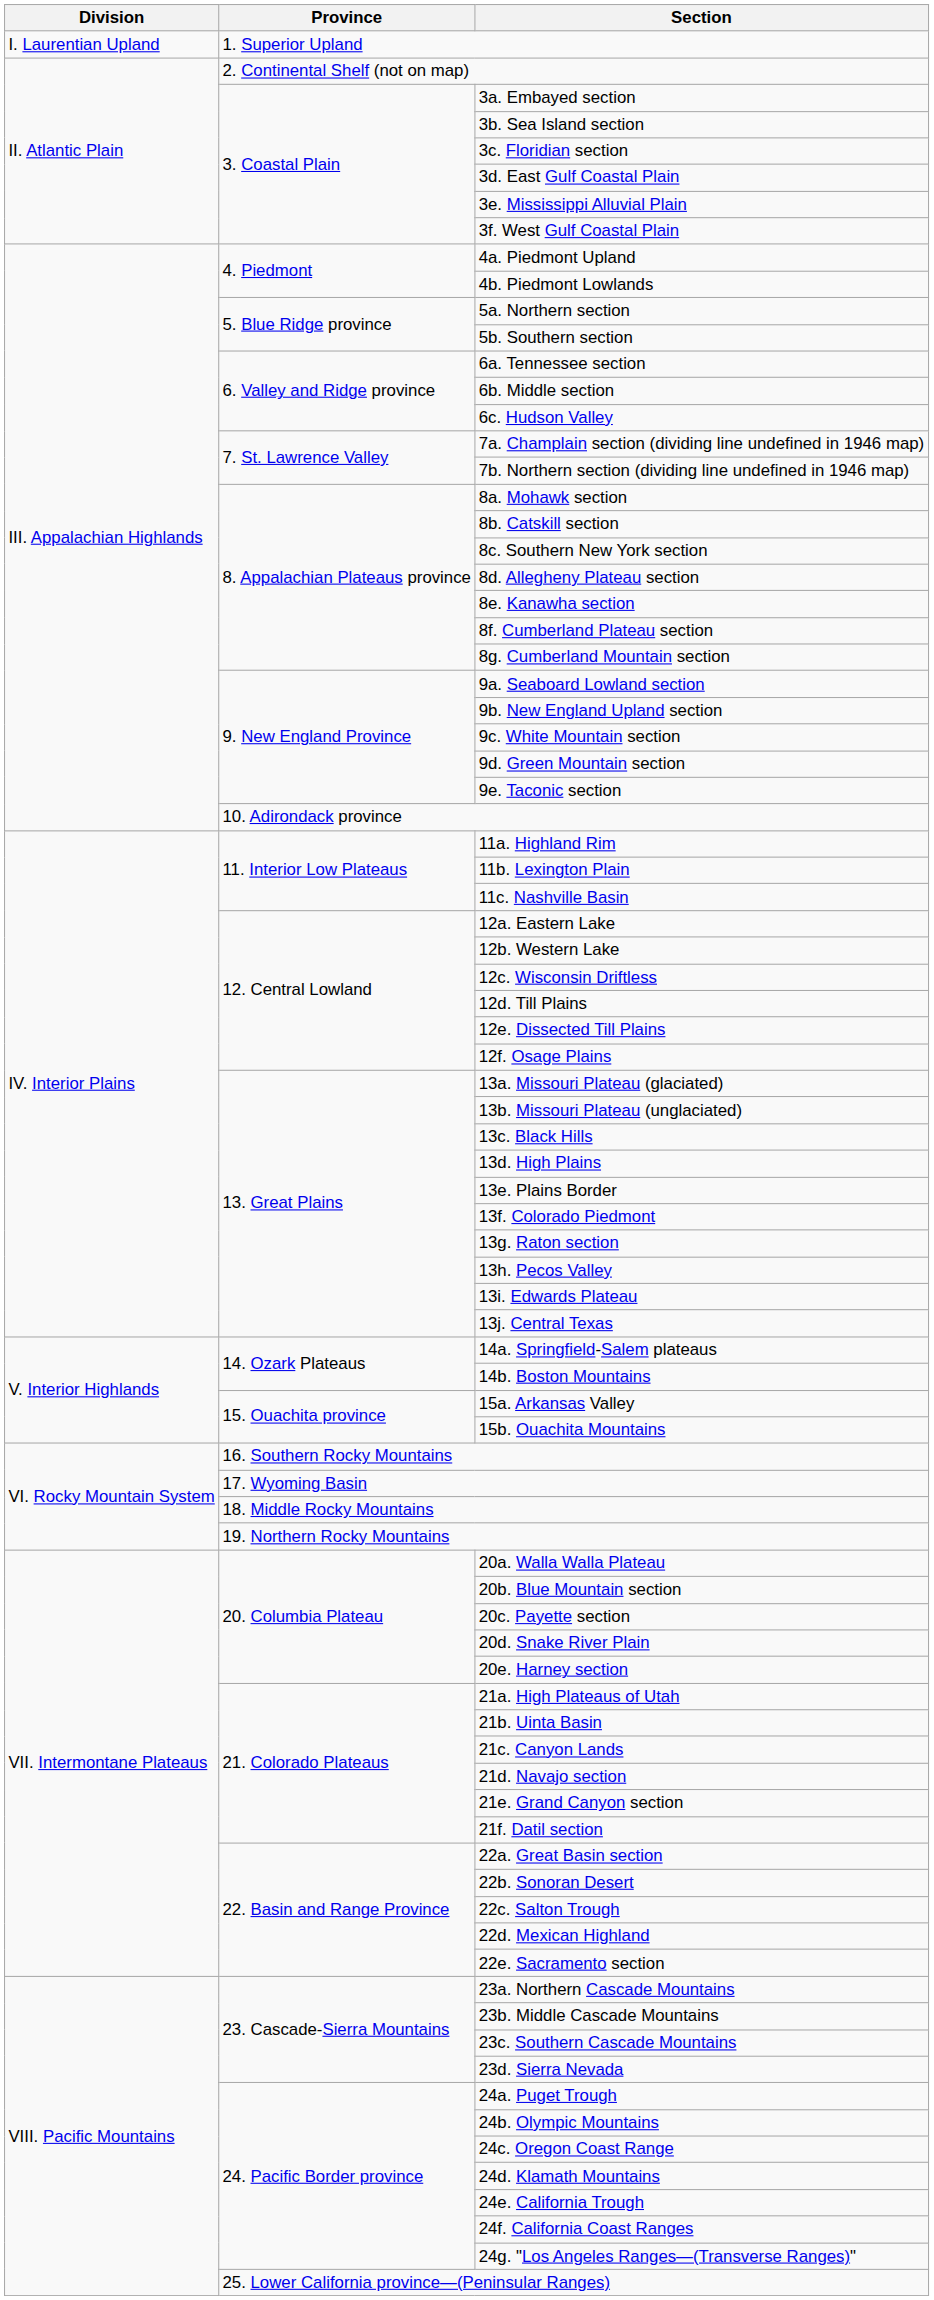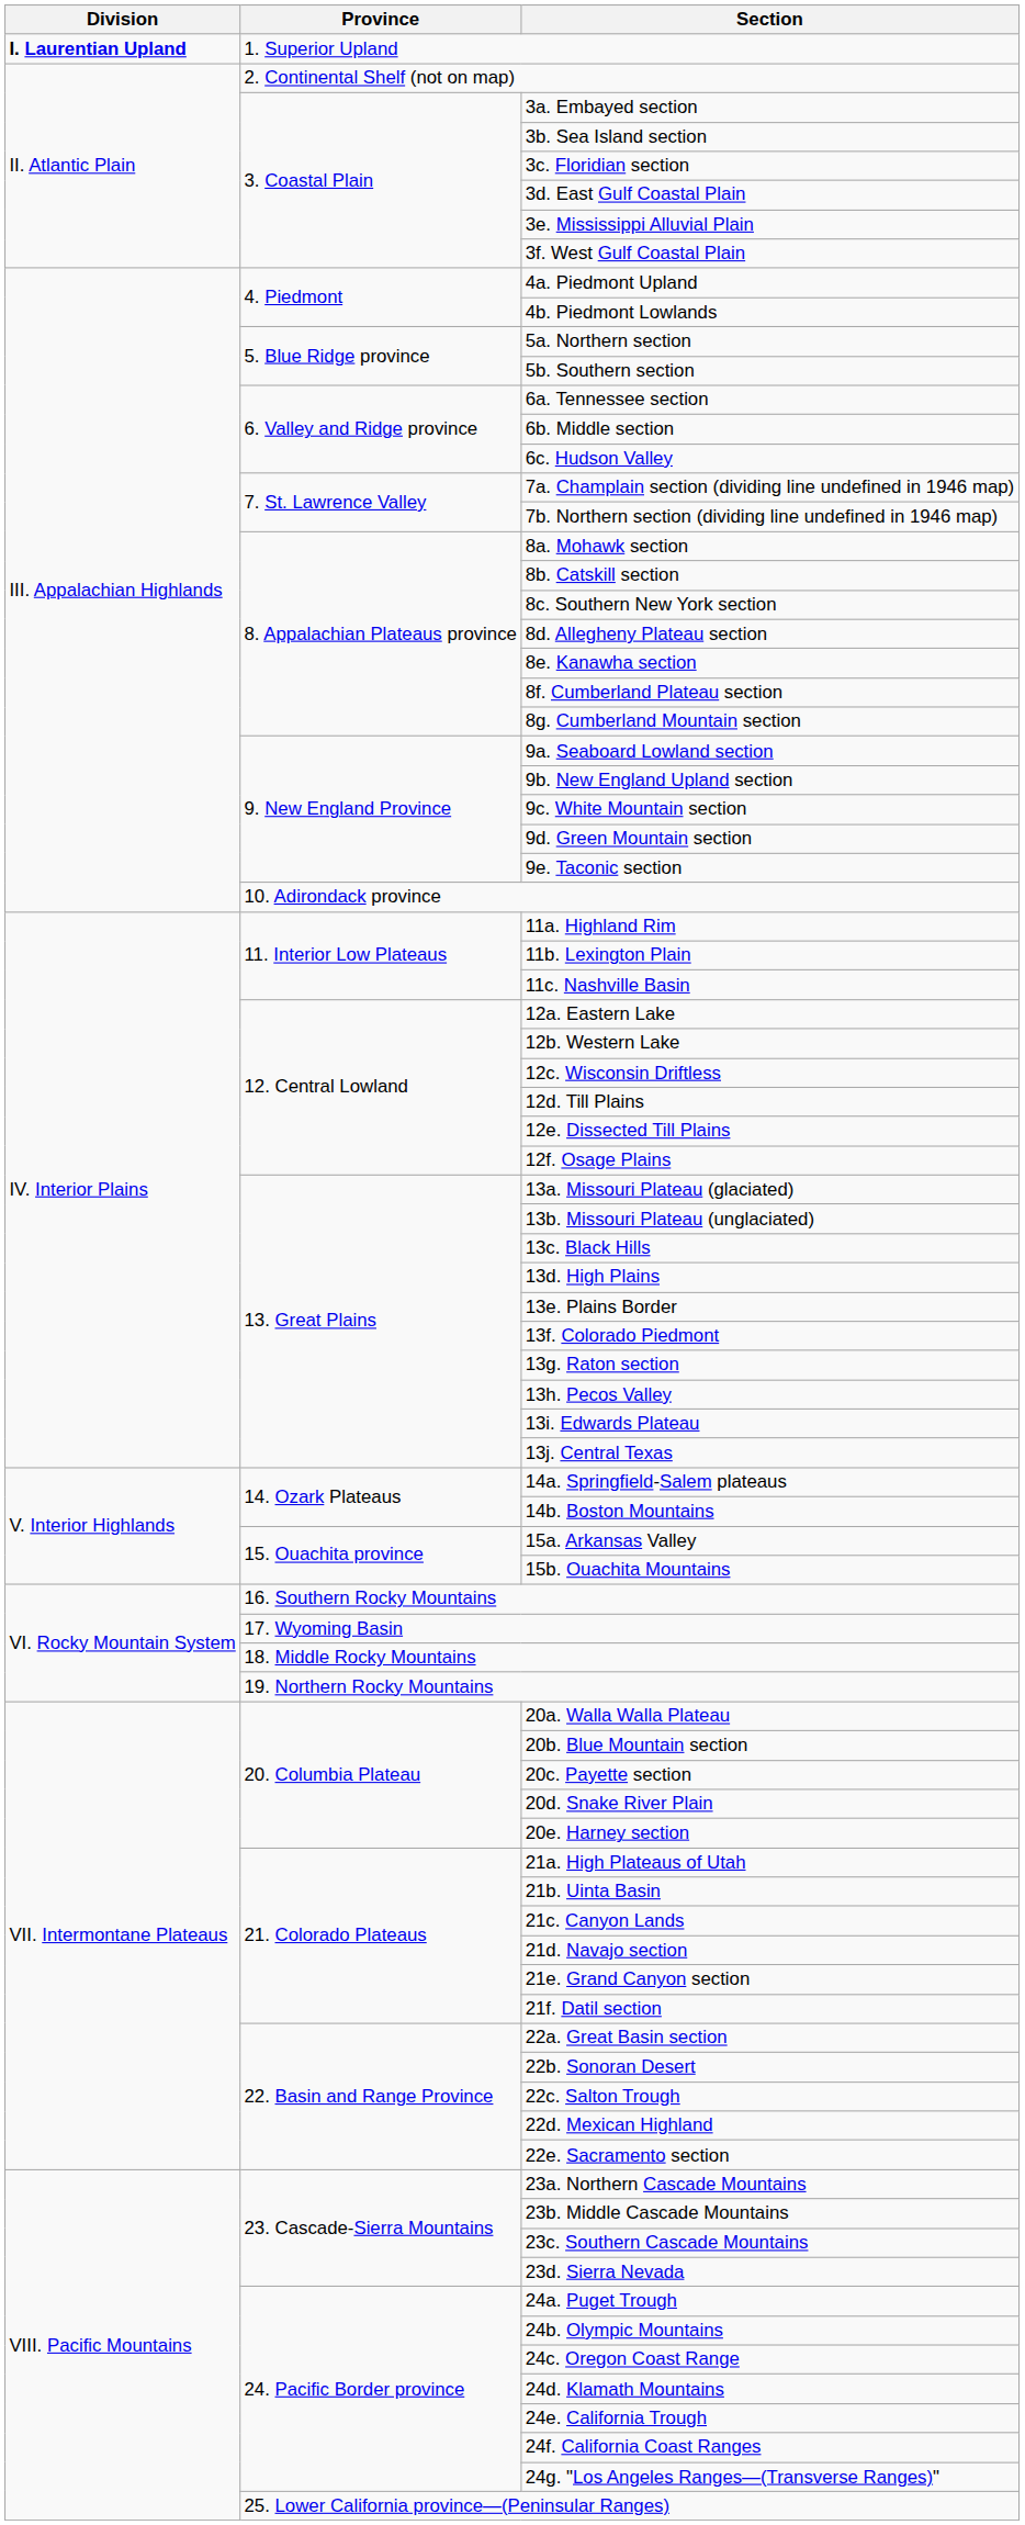 <table class=wikitable>
 <tr>
 <th>Division </th>
 <th>Province</th>
 <th>Section</th>
 </tr>
 <tr>
-<td>I. <a href='#'>Laurentian Upland</a></td>
+<td><strong>I. <a href='#'>Laurentian Upland</a></strong></td>
 <td colspan=2>1. <a href='#'>Superior Upland</a></td>
 </tr>
 <tr>
 <td rowspan=7>II. <a href='#'>Atlantic Plain</a></td>
 <td colspan=2>2. <a href='#'>Continental Shelf</a> (not on map)</td>
 </tr>
 <tr>
 <td rowspan=6>3. <a href='#'>Coastal Plain</a></td>
 <td>3a. Embayed section</td>
 </tr>
 <tr>
 <td>3b. Sea Island section</td>
 </tr>
 <tr>
 <td>3c. <a href='#'>Floridian</a> section</td>
 </tr>
 <tr>
 <td>3d. East <a href='#'>Gulf Coastal Plain</a></td>
 </tr>
 <tr>
 <td>3e. <a href='#'>Mississippi Alluvial Plain</a></td>
 </tr>
 <tr>
 <td>3f. West <a href='#'>Gulf Coastal Plain</a></td>
 </tr>
 <tr>
 <td rowspan=22>III. <a href='#'>Appalachian Highlands</a></td>
 <td rowspan=2>4. <a href='#'>Piedmont</a></td>
 <td>4a. Piedmont Upland</td>
 </tr>
 <tr>
 <td>4b. Piedmont Lowlands</td>
 </tr>
 <tr>
 <td rowspan=2>5. <a href='#'>Blue Ridge</a> province</td>
 <td>5a. Northern section</td>
 </tr>
 <tr>
 <td>5b. Southern section</td>
 </tr>
 <tr>
 <td rowspan=3>6. <a href='#'>Valley and Ridge</a> province</td>
 <td>6a. Tennessee section</td>
 </tr>
 <tr>
 <td>6b. Middle section</td>
 </tr>
 <tr>
 <td>6c. <a href='#'>Hudson Valley</a></td>
 </tr>
 <tr>
 <td rowspan=2>7. <a href='#'>St. Lawrence Valley</a></td>
 <td>7a. <a href='#'>Champlain</a> section (dividing line undefined in 1946 map)</td>
 </tr>
 <tr>
 <td>7b. Northern section (dividing line undefined in 1946 map)</td>
 </tr>
 <tr>
 <td rowspan=7>8. <a href='#'>Appalachian Plateaus</a> province</td>
 <td>8a. <a href='#'>Mohawk</a> section</td>
 </tr>
 <tr>
 <td>8b. <a href='#'>Catskill</a> section</td>
 </tr>
 <tr>
 <td>8c. Southern New York section</td>
 </tr>
 <tr>
 <td>8d. <a href='#'>Allegheny Plateau</a> section</td>
 </tr>
 <tr>
 <td>8e. <a href='#'>Kanawha section</a></td>
 </tr>
 <tr>
 <td>8f. <a href='#'>Cumberland Plateau</a> section</td>
 </tr>
 <tr>
 <td>8g. <a href='#'>Cumberland Mountain</a> section</td>
 </tr>
 <tr>
 <td rowspan=5>9. <a href='#'>New England Province</a></td>
 <td>9a. <a href='#'>Seaboard Lowland section</a></td>
 </tr>
 <tr>
 <td>9b. <a href='#'>New England Upland</a> section</td>
 </tr>
 <tr>
 <td>9c. <a href='#'>White Mountain</a> section</td>
 </tr>
 <tr>
 <td>9d. <a href='#'>Green Mountain</a> section</td>
 </tr>
 <tr>
 <td>9e. <a href='#'>Taconic</a> section</td>
 </tr>
 <tr>
 <td colspan=2>10. <a href='#'>Adirondack</a> province</td>
 </tr>
 <tr>
 <td rowspan=19>IV. <a href='#'>Interior Plains</a></td>
 <td rowspan=3>11. <a href='#'>Interior Low Plateaus</a></td>
 <td>11a. <a href='#'>Highland Rim</a></td>
 </tr>
 <tr>
 <td>11b. <a href='#'>Lexington Plain</a></td>
 </tr>
 <tr>
 <td>11c. <a href='#'>Nashville Basin</a></td>
 </tr>
 <tr>
 <td rowspan=6>12. Central Lowland</td>
 <td>12a. Eastern Lake</td>
 </tr>
 <tr>
 <td>12b. Western Lake</td>
 </tr>
 <tr>
 <td>12c. <a href='#'>Wisconsin Driftless</a></td>
 </tr>
 <tr>
 <td>12d. Till Plains</td>
 </tr>
 <tr>
 <td>12e. <a href='#'>Dissected Till Plains</a></td>
 </tr>
 <tr>
 <td>12f. <a href='#'>Osage Plains</a></td>
 </tr>
 <tr>
 <td rowspan=10>13. <a href='#'>Great Plains</a></td>
 <td>13a. <a href='#'>Missouri Plateau</a> (glaciated)</td>
 </tr>
 <tr>
 <td>13b. <a href='#'>Missouri Plateau</a> (unglaciated)</td>
 </tr>
 <tr>
 <td>13c. <a href='#'>Black Hills</a></td>
 </tr>
 <tr>
 <td>13d. <a href='#'>High Plains</a></td>
 </tr>
 <tr>
 <td>13e. Plains Border</td>
 </tr>
 <tr>
 <td>13f. <a href='#'>Colorado Piedmont</a></td>
 </tr>
 <tr>
 <td>13g. <a href='#'>Raton section</a></td>
 </tr>
 <tr>
 <td>13h. <a href='#'>Pecos Valley</a></td>
 </tr>
 <tr>
 <td>13i. <a href='#'>Edwards Plateau</a></td>
 </tr>
 <tr>
 <td>13j. <a href='#'>Central Texas</a></td>
 </tr>
 <tr>
 <td rowspan=4>V. <a href='#'>Interior Highlands</a></td>
 <td rowspan=2>14. <a href='#'>Ozark</a> Plateaus</td>
 <td>14a. <a href='#'>Springfield</a>-<a href='#'>Salem</a> plateaus</td>
 </tr>
 <tr>
 <td>14b. <a href='#'>Boston Mountains</a></td>
 </tr>
 <tr>
 <td rowspan=2>15. <a href='#'>Ouachita province</a></td>
 <td>15a. <a href='#'>Arkansas</a> Valley</td>
 </tr>
 <tr>
 <td>15b. <a href='#'>Ouachita Mountains</a></td>
 </tr>
 <tr>
 <td rowspan=4>VI. <a href='#'>Rocky Mountain System</a></td>
 <td colspan=2>16. <a href='#'>Southern Rocky Mountains</a></td>
 </tr>
 <tr>
 <td colspan=2>17. <a href='#'>Wyoming Basin</a></td>
 </tr>
 <tr>
 <td colspan=2>18. <a href='#'>Middle Rocky Mountains</a></td>
 </tr>
 <tr>
 <td colspan=2>19. <a href='#'>Northern Rocky Mountains</a></td>
 </tr>
 <tr>
 <td rowspan=16>VII. <a href='#'>Intermontane Plateaus</a></td>
 <td rowspan=5>20. <a href='#'>Columbia Plateau</a></td>
 <td>20a. <a href='#'>Walla Walla Plateau</a></td>
 </tr>
 <tr>
 <td>20b. <a href='#'>Blue Mountain</a> section</td>
 </tr>
 <tr>
 <td>20c. <a href='#'>Payette</a> section</td>
 </tr>
 <tr>
 <td>20d. <a href='#'>Snake River Plain</a></td>
 </tr>
 <tr>
 <td>20e. <a href='#'>Harney section</a></td>
 </tr>
 <tr>
 <td rowspan=6>21. <a href='#'>Colorado Plateaus</a></td>
 <td>21a. <a href='#'>High Plateaus of Utah</a></td>
 </tr>
 <tr>
 <td>21b. <a href='#'>Uinta Basin</a></td>
 </tr>
 <tr>
 <td>21c. <a href='#'>Canyon Lands</a></td>
 </tr>
 <tr>
 <td>21d. <a href='#'>Navajo section</a></td>
 </tr>
 <tr>
 <td>21e. <a href='#'>Grand Canyon</a> section</td>
 </tr>
 <tr>
 <td>21f. <a href='#'>Datil section</a></td>
 </tr>
 <tr>
 <td rowspan=5>22. <a href='#'>Basin and Range Province</a></td>
 <td>22a. <a href='#'>Great Basin section</a></td>
 </tr>
 <tr>
 <td>22b. <a href='#'>Sonoran Desert</a></td>
 </tr>
 <tr>
 <td>22c. <a href='#'>Salton Trough</a></td>
 </tr>
 <tr>
 <td>22d. <a href='#'>Mexican Highland</a></td>
 </tr>
 <tr>
 <td>22e. <a href='#'>Sacramento</a> section</td>
 </tr>
 <tr>
 <td rowspan=12>VIII. <a href='#'>Pacific Mountains</a></td>
 <td rowspan=4>23. Cascade-<a href='#'>Sierra Mountains</a></td>
 <td>23a. Northern <a href='#'>Cascade Mountains</a></td>
 </tr>
 <tr>
 <td>23b. Middle Cascade Mountains</td>
 </tr>
 <tr>
 <td>23c. <a href='#'>Southern Cascade Mountains</a></td>
 </tr>
 <tr>
 <td>23d. <a href='#'>Sierra Nevada</a></td>
 </tr>
 <tr>
 <td rowspan=7>24. <a href='#'>Pacific Border province</a></td>
 <td>24a. <a href='#'>Puget Trough</a></td>
 </tr>
 <tr>
 <td>24b. <a href='#'>Olympic Mountains</a></td>
 </tr>
 <tr>
 <td>24c. <a href='#'>Oregon Coast Range</a></td>
 </tr>
 <tr>
 <td>24d. <a href='#'>Klamath Mountains</a></td>
 </tr>
 <tr>
 <td>24e. <a href='#'>California Trough</a></td>
 </tr>
 <tr>
 <td>24f. <a href='#'>California Coast Ranges</a></td>
 </tr>
 <tr>
 <td>24g. "<a href='#'>Los Angeles Ranges—(Transverse Ranges)</a>"</td>
 </tr>
 <tr>
 <td colspan=2>25. <a href='#'>Lower California province—(Peninsular Ranges)</a></td>
 </tr>
 </table>
